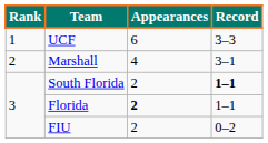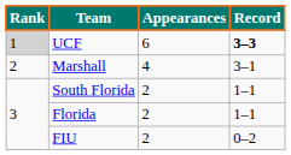 <table class = "wikitable">
 <tr>
 <th style="background:#01796F; color:#FFFFFF; border: 2px solid #F47321;">Rank</th>
 <th style="background:#01796F; color:#FFFFFF; border: 2px solid #F47321;">Team</th>
 <th style="background:#01796F; color:#FFFFFF; border: 2px solid #F47321;">Appearances</th>
 <th style="background:#01796F; color:#FFFFFF; border: 2px solid #F47321;">Record</th>
 </tr>
 <tr>
-<td>1</td>
+<td style="background: lightgrey;">1</td>
 <td><a href='#'>UCF</a></td>
 <td>6</td>
-<td>3–3</td>
+<td><strong>3–3</strong></td>
 </tr>
 <tr>
 <td>2</td>
 <td><a href='#'>Marshall</a></td>
 <td>4</td>
 <td>3–1</td>
 </tr>
 <tr>
 <td rowspan=3>3</td>
 <td><a href='#'>South Florida</a></td>
 <td>2</td>
-<td><strong>1–1</strong></td>
+<td>1–1</td>
 </tr>
 <tr>
 <td><a href='#'>Florida</a></td>
-<td><strong>2</strong></td>
+<td>2</td>
 <td>1–1</td>
 </tr>
 <tr>
 <td><a href='#'>FIU</a></td>
 <td>2</td>
 <td>0–2</td>
 </tr>
 </table>
